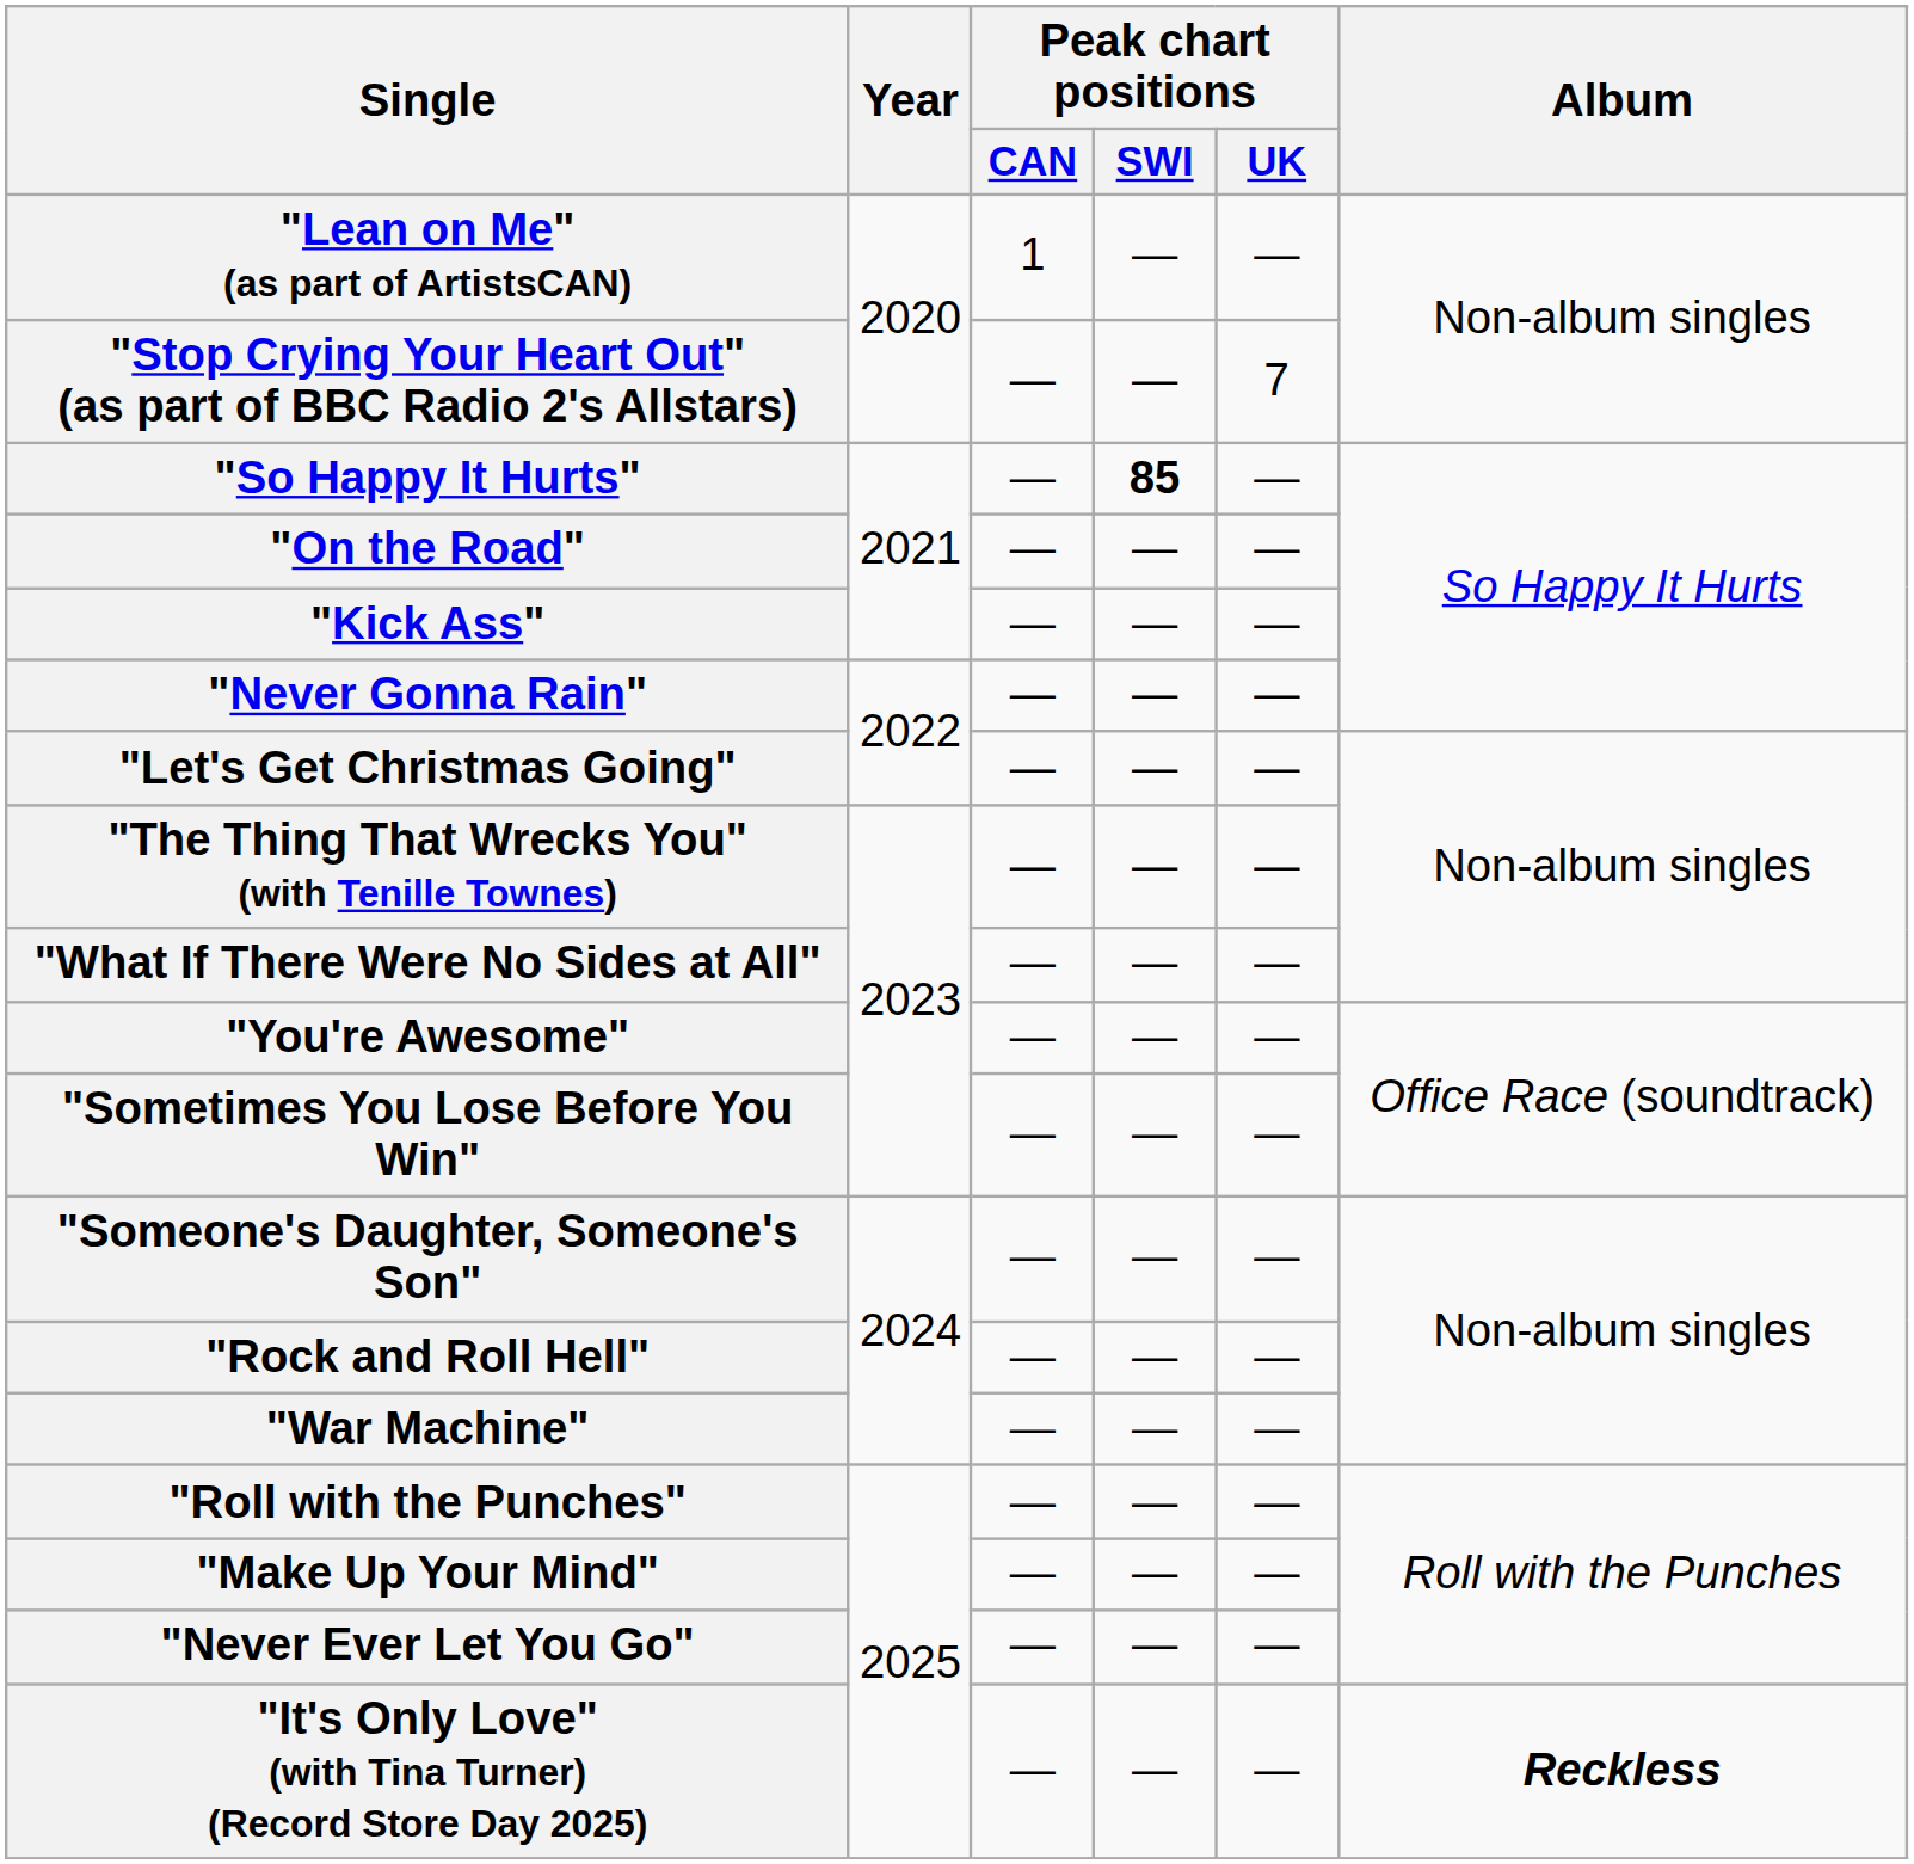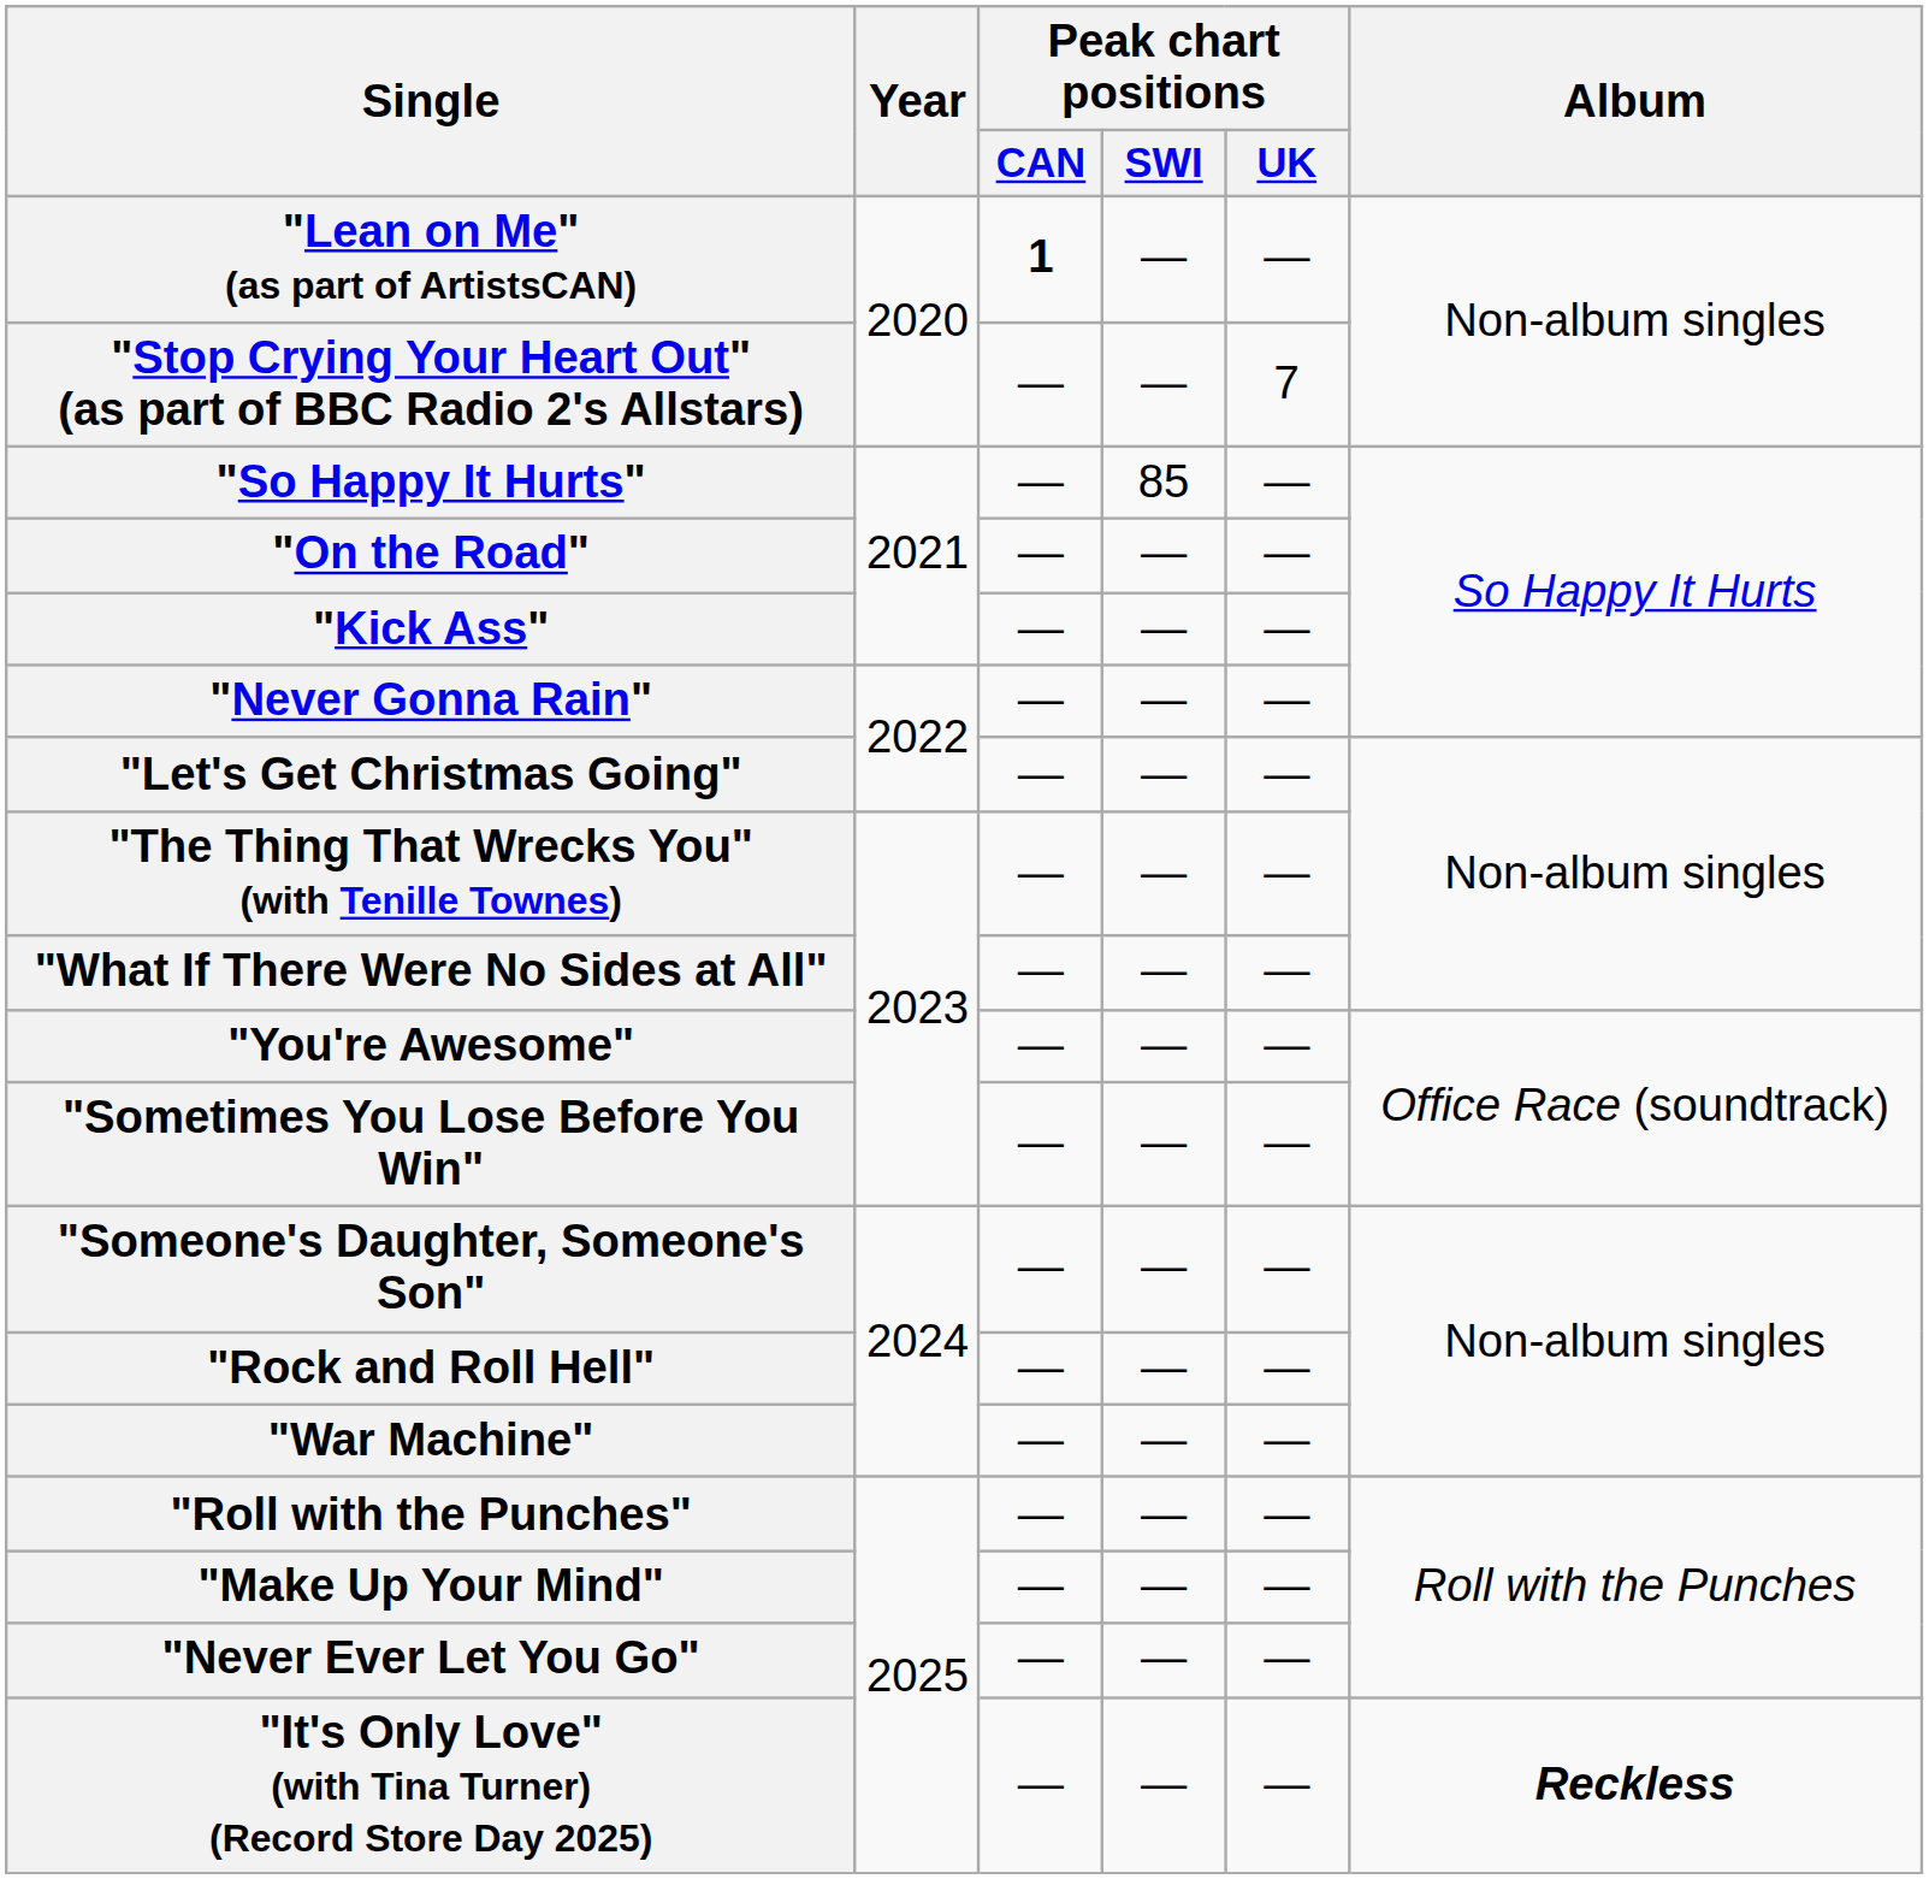 <table class="wikitable plainrowheaders" style="text-align:center;" border="1">
 <tr>
 <th scope="col" rowspan="2" style="width:18em;">Single</th>
 <th scope="col" rowspan="2">Year</th>
 <th scope="col" colspan="3">Peak chart positions</th>
 <th scope="col" rowspan="2" style="width:12em;">Album</th>
 </tr>
 <tr>
 <th scope="col" style="width:2.5em;font-size:90%;"><a href='#'>CAN</a><br></th>
 <th scope="col" style="width:2.5em;font-size:90%;"><a href='#'>SWI</a><br></th>
 <th scope="col" style="width:2.5em;font-size:90%;"><a href='#'>UK</a><br></th>
 </tr>
 <tr>
 <th scope="row">"<a href='#'>Lean on Me</a>"<br><small>(as part of ArtistsCAN)</small></th>
 <td rowspan="2">2020</td>
-<td>1</td>
+<td><strong>1</strong></td>
 <td>—</td>
 <td>—</td>
 <td rowspan="2">Non-album singles</td>
 </tr>
 <tr>
 <th scope="row">"<a href='#'>Stop Crying Your Heart Out</a>"<br><span>(as part of BBC Radio 2's Allstars)</span></th>
 <td>—</td>
 <td>—</td>
 <td>7</td>
 </tr>
 <tr>
 <th scope="row">"<a href='#'>So Happy It Hurts</a>"</th>
 <td rowspan="3">2021</td>
 <td>—</td>
-<td><strong>85</strong></td>
+<td>85</td>
 <td>—</td>
 <td rowspan="4"><em><a href='#'>So Happy It Hurts</a></em></td>
 </tr>
 <tr>
 <th scope="row">"<a href='#'>On the Road</a>"</th>
 <td>—</td>
 <td>—</td>
 <td>—</td>
 </tr>
 <tr>
 <th scope="row">"<a href='#'>Kick Ass</a>"</th>
 <td>—</td>
 <td>—</td>
 <td>—</td>
 </tr>
 <tr>
 <th scope="row">"<a href='#'>Never Gonna Rain</a>"</th>
 <td rowspan="2">2022</td>
 <td>—</td>
 <td>—</td>
 <td>—</td>
 </tr>
 <tr>
 <th scope="row">"Let's Get Christmas Going"</th>
 <td>—</td>
 <td>—</td>
 <td>—</td>
 <td rowspan="3">Non-album singles</td>
 </tr>
 <tr>
 <th scope="row">"The Thing That Wrecks You"<br><small>(with <a href='#'>Tenille Townes</a>)</small></th>
 <td rowspan="4">2023</td>
 <td>—</td>
 <td>—</td>
 <td>—</td>
 </tr>
 <tr>
 <th scope="row">"What If There Were No Sides at All"</th>
 <td>—</td>
 <td>—</td>
 <td>—</td>
 </tr>
 <tr>
 <th scope="row">"You're Awesome"</th>
 <td>—</td>
 <td>—</td>
 <td>—</td>
 <td rowspan="2"><em>Office Race</em> (soundtrack)</td>
 </tr>
 <tr>
 <th scope="row">"Sometimes You Lose Before You Win"</th>
 <td>—</td>
 <td>—</td>
 <td>—</td>
 </tr>
 <tr>
 <th scope="row">"Someone's Daughter, Someone's Son"</th>
 <td rowspan="3">2024</td>
 <td>—</td>
 <td>—</td>
 <td>—</td>
 <td rowspan="3">Non-album singles</td>
 </tr>
 <tr>
 <th scope="row">"Rock and Roll Hell"</th>
 <td>—</td>
 <td>—</td>
 <td>—</td>
 </tr>
 <tr>
 <th scope="row">"War Machine"</th>
 <td>—</td>
 <td>—</td>
 <td>—</td>
 </tr>
 <tr>
 <th scope="row">"Roll with the Punches"</th>
 <td rowspan="4">2025</td>
 <td>—</td>
 <td>—</td>
 <td>—</td>
 <td rowspan="3"><em>Roll with the Punches</em></td>
 </tr>
 <tr>
 <th scope="row">"Make Up Your Mind"</th>
 <td>—</td>
 <td>—</td>
 <td>—</td>
 </tr>
 <tr>
 <th scope="row">"Never Ever Let You Go"</th>
 <td>—</td>
 <td>—</td>
 <td>—</td>
 </tr>
 <tr>
 <th scope="row">"It's Only Love"<br><small>(with Tina Turner)</small><br><small>(Record Store Day 2025)</small></th>
 <td>—</td>
 <td>—</td>
 <td>—</td>
 <td><strong><em>Reckless</em></strong></td>
 </tr>
 </table>
